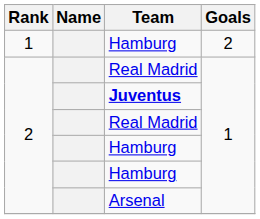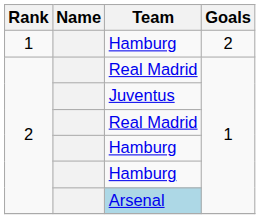 <table class="wikitable plainrowheaders sortable" cellpadding="3" style="text-align: center;">
 <tr>
 <th scope=col>Rank</th>
 <th scope=col>Name</th>
 <th scope=col>Team</th>
 <th scope=col>Goals</th>
 </tr>
 <tr>
 <td rowspan"1">1</td>
 <th scope=row> </th>
 <td align="left"><a href='#'>Hamburg</a></td>
 <td rowspan="1">2</td>
 </tr>
 <tr>
 <td rowspan="6">2</td>
 <th scope=row> </th>
 <td align="left"><a href='#'>Real Madrid</a></td>
 <td rowspan="6">1</td>
 </tr>
 <tr>
 <th scope=row> </th>
-<td align="left"><strong><a href='#'>Juventus</a></strong></td>
+<td align="left"><a href='#'>Juventus</a></td>
 </tr>
 <tr>
 <th scope=row> </th>
 <td align="left"><a href='#'>Real Madrid</a></td>
 </tr>
 <tr>
 <th scope=row> </th>
 <td align="left"><a href='#'>Hamburg</a></td>
 </tr>
 <tr>
 <th scope=row> </th>
 <td align="left"><a href='#'>Hamburg</a></td>
 </tr>
 <tr>
 <th scope=row> </th>
-<td align="left"><a href='#'>Arsenal</a></td>
+<td align="left" style="background: lightblue;"><a href='#'>Arsenal</a></td>
 </tr>
 <tr>
 </tr>
 </table>
